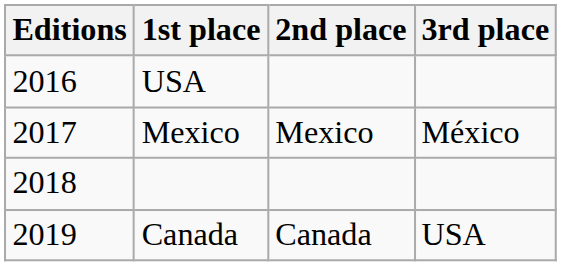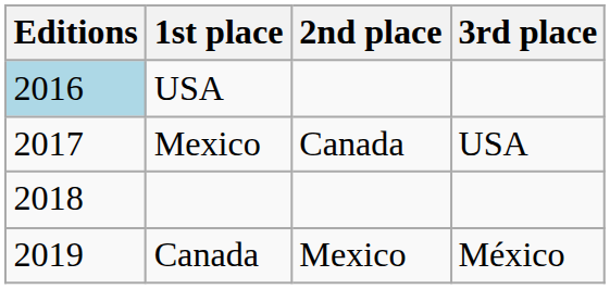 <table class="wikitable">
 <tr>
 <th>Editions</th>
 <th>1st place</th>
 <th>2nd place</th>
 <th>3rd place</th>
 </tr>
 <tr>
-<td>2016</td>
+<td style="background: lightblue;">2016</td>
 <td>USA</td>
 <td></td>
 <td></td>
 </tr>
 <tr>
 <td>2017</td>
 <td>Mexico</td>
-<td>Mexico</td>
-<td>México</td>
+<td>Canada</td>
+<td>USA</td>
 </tr>
 <tr>
 <td>2018</td>
 <td></td>
 <td></td>
 <td></td>
 </tr>
 <tr>
 <td>2019</td>
 <td>Canada</td>
-<td>Canada</td>
-<td>USA</td>
+<td>Mexico</td>
+<td>México</td>
 </tr>
 </table>
